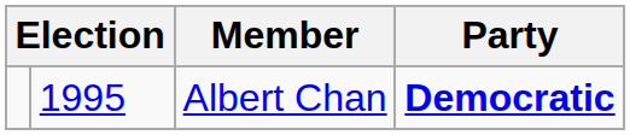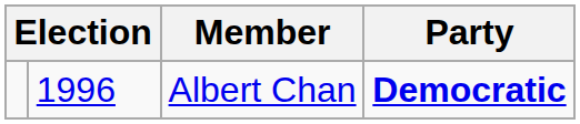 <table class="wikitable">
 <tr>
 <th colspan="2">Election</th>
 <th>Member</th>
 <th>Party</th>
 </tr>
 <tr>
 <td style="background-color: "></td>
-<td><a href='#'>1995</a></td>
+<td><a href='#'>1996</a></td>
 <td><a href='#'>Albert Chan</a></td>
 <td><strong><a href='#'>Democratic</a></strong></td>
 </tr>
 </table>
